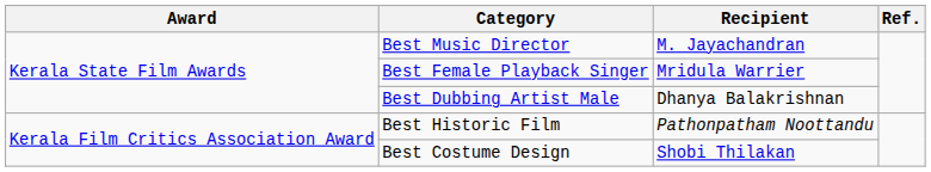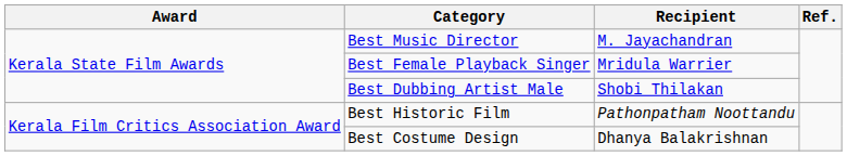 <table class="wikitable">
 <tr>
 <th>Award</th>
 <th>Category</th>
 <th>Recipient</th>
 <th>Ref.</th>
 </tr>
 <tr>
 <td rowspan="3"><a href='#'>Kerala State Film Awards</a></td>
 <td><a href='#'>Best Music Director</a></td>
 <td><a href='#'>M. Jayachandran</a></td>
 <td rowspan="3"></td>
 </tr>
 <tr>
 <td><a href='#'>Best Female Playback Singer</a></td>
 <td><a href='#'>Mridula Warrier</a></td>
 </tr>
 <tr>
 <td><a href='#'>Best Dubbing Artist Male</a></td>
-<td>Dhanya Balakrishnan</td>
+<td><a href='#'>Shobi Thilakan</a></td>
 </tr>
 <tr>
 <td rowspan="2"><a href='#'>Kerala Film Critics Association Award</a></td>
 <td>Best Historic Film</td>
 <td><em>Pathonpatham Noottandu</em></td>
 <td rowspan="2"></td>
 </tr>
 <tr>
 <td>Best Costume Design</td>
-<td><a href='#'>Shobi Thilakan</a></td>
+<td>Dhanya Balakrishnan</td>
 </tr>
 </table>
